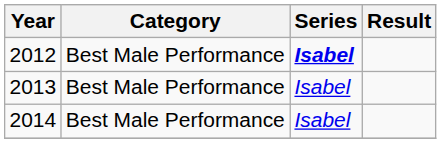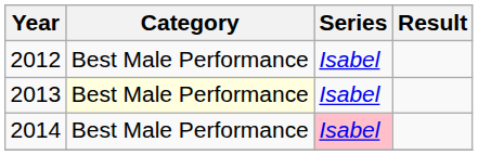 <table class="wikitable" border="1">
 <tr bgcolor="#CCCCCC">
 <th><strong>Year</strong></th>
 <th><strong>Category</strong></th>
 <th><strong>Series</strong></th>
 <th><strong>Result</strong></th>
 </tr>
 <tr>
 <td>2012</td>
 <td>Best Male Performance</td>
-<td><strong><em><a href='#'>Isabel</a></em></strong></td>
+<td><em><a href='#'>Isabel</a></em></td>
 <td></td>
 </tr>
 <tr>
 <td>2013</td>
-<td>Best Male Performance</td>
+<td style="background: lightyellow;">Best Male Performance</td>
 <td><em><a href='#'>Isabel</a></em></td>
 <td></td>
 </tr>
 <tr>
 <td>2014</td>
 <td>Best Male Performance</td>
-<td><em><a href='#'>Isabel</a></em></td>
+<td style="background: pink;"><em><a href='#'>Isabel</a></em></td>
 <td></td>
 </tr>
 <tr>
 </tr>
 </table>
